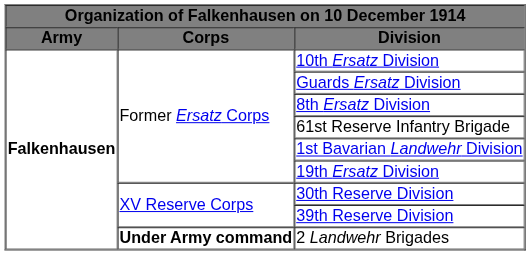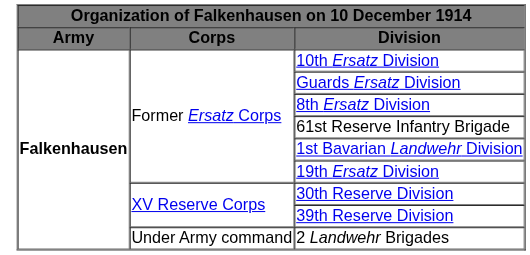 <table style="float: right;" border="1" cellpadding="1" cellspacing="0" style="font-size: 100%; border: gray solid 1px; border-collapse: collapse; text-align: center;">
 <tr style="background-color:grey; color:black;">
 <th colspan="3">Organization of  Falkenhausen on 10 December 1914</th>
 </tr>
 <tr>
 </tr>
 <tr style="background-color:grey; color:black;">
 <th>Army</th>
 <th>Corps</th>
 <th>Division</th>
 </tr>
 <tr>
 <td ROWSPAN=9><strong> Falkenhausen</strong></td>
 <td ROWSPAN=6>Former <a href='#'><em>Ersatz</em> Corps</a></td>
 <td><a href='#'>10th <em>Ersatz</em> Division</a></td>
 </tr>
 <tr>
 <td><a href='#'>Guards <em>Ersatz</em> Division</a></td>
 </tr>
 <tr>
 <td><a href='#'>8th <em>Ersatz</em> Division</a></td>
 </tr>
 <tr>
 <td>61st Reserve Infantry Brigade</td>
 </tr>
 <tr>
 <td><a href='#'>1st Bavarian <em>Landwehr</em> Division</a></td>
 </tr>
 <tr>
 <td><a href='#'>19th <em>Ersatz</em> Division</a></td>
 </tr>
 <tr>
 <td ROWSPAN=2><a href='#'>XV Reserve Corps</a></td>
 <td><a href='#'>30th Reserve Division</a></td>
 </tr>
 <tr>
 <td><a href='#'>39th Reserve Division</a></td>
 </tr>
 <tr>
-<td ROWSPAN=1><strong>Under Army command</strong></td>
+<td ROWSPAN=1>Under Army command</td>
 <td>2 <em>Landwehr</em> Brigades</td>
 </tr>
 </table>
